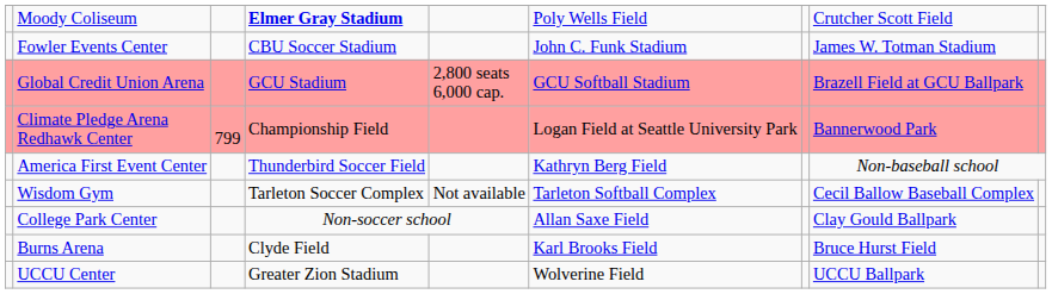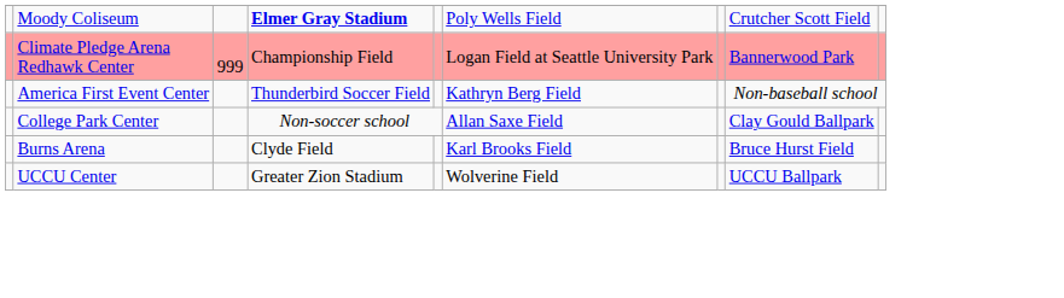 <table class="wikitable sortable">
 <tr>
 </tr>
 <tr>
 <td style="text-align:center; "><a href='#'></a></td>
 <td><a href='#'>Moody Coliseum</a></td>
 <td></td>
 <td><strong><a href='#'>Elmer Gray Stadium</a></strong></td>
 <td></td>
 <td><a href='#'>Poly Wells Field</a></td>
 <td></td>
 <td><a href='#'>Crutcher Scott Field</a></td>
 <td></td>
 </tr>
-<tr>
-<td style="text-align:center; "><a href='#'></a></td>
-<td><a href='#'>Fowler Events Center</a></td>
-<td></td>
-<td><a href='#'>CBU Soccer Stadium</a></td>
-<td></td>
-<td><a href='#'>John C. Funk Stadium</a></td>
-<td></td>
-<td><a href='#'>James W. Totman Stadium</a></td>
-<td></td>
-</tr>
-<tr bgcolor=#ffa0a0>
-<td style="text-align:center; "><a href='#'></a></td>
-<td><a href='#'>Global Credit Union Arena</a></td>
-<td></td>
-<td><a href='#'>GCU Stadium</a></td>
-<td>2,800 seats<br>6,000 cap.</td>
-<td><a href='#'>GCU Softball Stadium</a></td>
-<td></td>
-<td><a href='#'>Brazell Field at GCU Ballpark</a></td>
-<td></td>
-</tr>
 <tr bgcolor=#ffa0a0>
 <td style="text-align:center; "><a href='#'></a></td>
 <td><a href='#'>Climate Pledge Arena</a><br><a href='#'>Redhawk Center</a></td>
-<td><br>799</td>
+<td><br>999</td>
 <td>Championship Field</td>
 <td></td>
 <td>Logan Field at Seattle University Park</td>
 <td></td>
 <td><a href='#'>Bannerwood Park</a></td>
 <td></td>
 </tr>
 <tr>
 <td style="text-align:center; "><a href='#'></a></td>
 <td><a href='#'>America First Event Center</a></td>
 <td></td>
 <td><a href='#'>Thunderbird Soccer Field</a></td>
 <td></td>
 <td><a href='#'>Kathryn Berg Field</a></td>
 <td></td>
 <td colspan=2 align=center><em>Non-baseball school</em></td>
-</tr>
-<tr>
-<td style="text-align:center; "><a href='#'></a></td>
-<td><a href='#'>Wisdom Gym</a></td>
-<td></td>
-<td>Tarleton Soccer Complex</td>
-<td>Not available</td>
-<td><a href='#'>Tarleton Softball Complex</a></td>
-<td></td>
-<td><a href='#'>Cecil Ballow Baseball Complex</a></td>
-<td></td>
 </tr>
 <tr>
 <td style="text-align:center; "><a href='#'></a></td>
 <td><a href='#'>College Park Center</a></td>
 <td></td>
 <td colspan=2 align=center><em>Non-soccer school</em></td>
 <td><a href='#'>Allan Saxe Field</a></td>
 <td></td>
 <td><a href='#'>Clay Gould Ballpark</a></td>
 <td></td>
 </tr>
 <tr>
 <td style="text-align:center; "><a href='#'></a></td>
 <td><a href='#'>Burns Arena</a></td>
 <td></td>
 <td>Clyde Field</td>
 <td></td>
 <td><a href='#'>Karl Brooks Field</a></td>
 <td></td>
 <td><a href='#'>Bruce Hurst Field</a></td>
 <td></td>
 </tr>
 <tr>
 <td style="text-align:center; "><a href='#'></a></td>
 <td><a href='#'>UCCU Center</a></td>
 <td></td>
 <td>Greater Zion Stadium</td>
 <td></td>
 <td>Wolverine Field</td>
 <td></td>
 <td><a href='#'>UCCU Ballpark</a></td>
 <td></td>
 </tr>
 </table>
